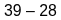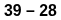 <table style="text-align:center">
 <tr>
 <th width=200></th>
 <th width=100></th>
 <th width=200></th>
 </tr>
 <tr>
 <td align=right><strong></strong></td>
-<td>39 – 28</td>
+<td><strong>39 – 28</strong></td>
 <td align=left></td>
 </tr>
 </table>
